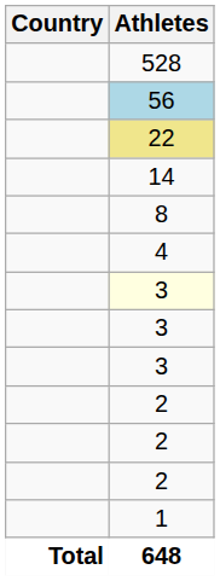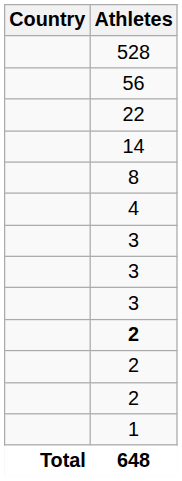 <table class="wikitable collapsible collapsed sortable" style="border:0;">
 <tr>
 <th>Country</th>
 <th>Athletes</th>
 </tr>
 <tr>
 <td></td>
 <td align=center>528</td>
 </tr>
 <tr>
 <td></td>
-<td align=center style="background: lightblue;">56</td>
+<td align=center>56</td>
 </tr>
 <tr>
 <td></td>
-<td align=center style="background: khaki;">22</td>
+<td align=center>22</td>
 </tr>
 <tr>
 <td></td>
 <td align=center>14</td>
 </tr>
 <tr>
 <td></td>
 <td align=center>8</td>
 </tr>
 <tr>
 <td></td>
 <td align=center>4</td>
 </tr>
 <tr>
 <td></td>
-<td align=center style="background: lightyellow;">3</td>
+<td align=center>3</td>
 </tr>
 <tr>
 <td></td>
 <td align=center>3</td>
 </tr>
 <tr>
 <td></td>
 <td align=center>3</td>
 </tr>
 <tr>
 <td></td>
-<td align=center>2</td>
+<td align=center><strong>2</strong></td>
 </tr>
 <tr>
 <td></td>
 <td align=center>2</td>
 </tr>
 <tr>
 <td></td>
 <td align=center>2</td>
 </tr>
 <tr>
 <td></td>
 <td align=center>1</td>
 </tr>
 <tr class="sortbottom">
 <td style="text-align:right; border:0px; background:#fff;"><strong>Total</strong></td>
 <td style="text-align:center; border:0px; background:#fff;"><strong>648</strong></td>
 </tr>
 <tr>
 </tr>
 </table>
